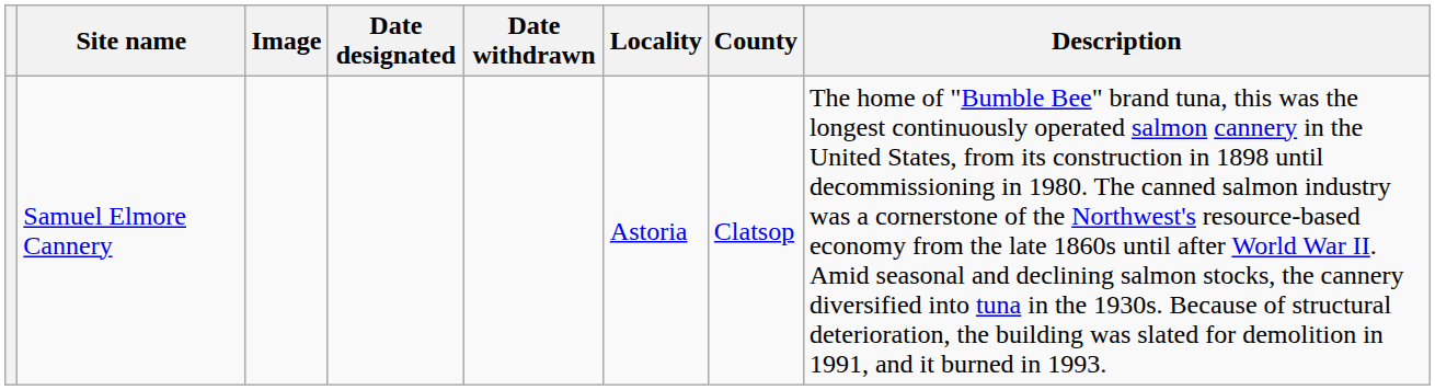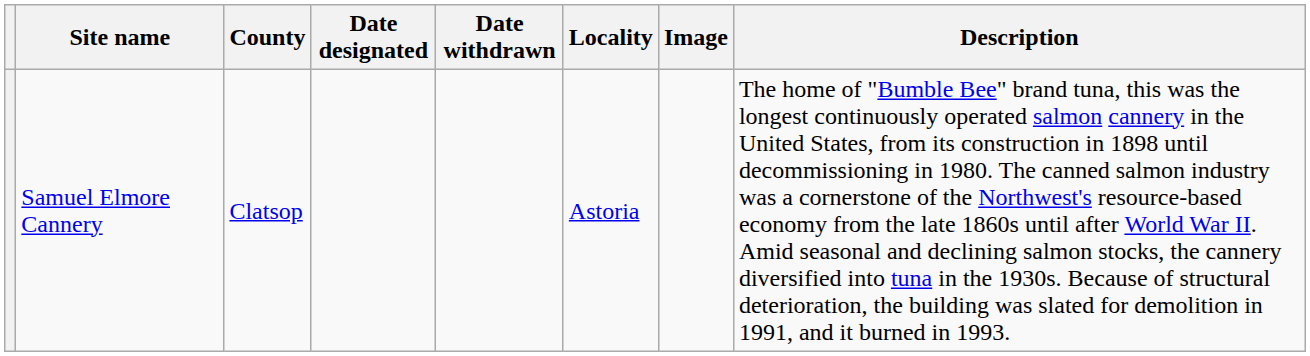 <table class="wikitable">
 <tr>
 <th scope="col"></th>
 <th scope="col" width="16%">Site name</th>
-<th scope="col" class="unsortable">Image</th>
+<th scope="col">County</th>
 <th scope="col" date>Date designated</th>
 <th scope="col" date>Date withdrawn</th>
 <th scope="col">Locality</th>
-<th scope="col">County</th>
+<th scope="col" class="unsortable">Image</th>
 <th scope="col" class="unsortable">Description</th>
 </tr>
 <tr>
 <th></th>
 <td><a href='#'>Samuel Elmore Cannery</a></td>
-<td></td>
+<td><a href='#'>Clatsop</a></td>
 <td></td>
 <td></td>
 <td><a href='#'>Astoria</a><br><small></small></td>
-<td><a href='#'>Clatsop</a></td>
+<td></td>
 <td>The home of "<a href='#'>Bumble Bee</a>" brand tuna, this was the longest continuously operated <a href='#'>salmon</a> <a href='#'>cannery</a> in the United States, from its construction in 1898 until decommissioning in 1980. The canned salmon industry was a cornerstone of the <a href='#'>Northwest's</a> resource-based economy from the late 1860s until after <a href='#'>World War II</a>. Amid seasonal and declining salmon stocks, the cannery diversified into <a href='#'>tuna</a> in the 1930s. Because of structural deterioration, the building was slated for demolition in 1991, and it burned in 1993.</td>
 </tr>
 </table>
